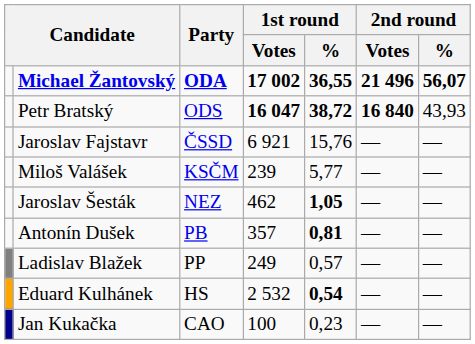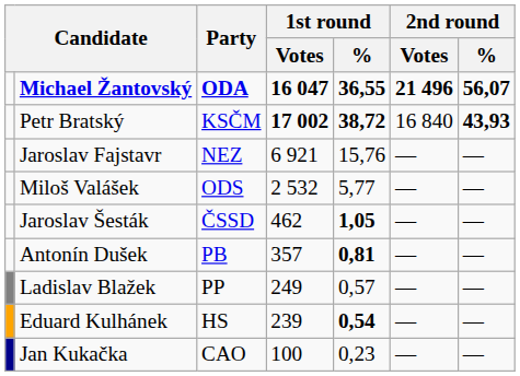 <table class="wikitable sortable">
 <tr>
 <th colspan="2" rowspan="2">Candidate</th>
 <th rowspan="2">Party</th>
 <th colspan="2">1st round</th>
 <th colspan="2">2nd round</th>
 </tr>
 <tr>
 <th>Votes</th>
 <th>%</th>
 <th>Votes</th>
 <th>%</th>
 </tr>
 <tr>
 <td style="background-color:"></td>
 <td><strong><a href='#'>Michael Žantovský</a></strong></td>
 <td><a href='#'><strong>ODA</strong></a></td>
-<td><strong>17 002</strong></td>
+<td><strong>16 047</strong></td>
 <td><strong>36,55</strong></td>
 <td><strong>21 496</strong></td>
 <td><strong>56,07</strong></td>
 </tr>
 <tr>
 <td style="background-color:"></td>
 <td>Petr Bratský</td>
-<td><a href='#'>ODS</a></td>
-<td><strong>16 047</strong></td>
+<td><a href='#'>KSČM</a></td>
+<td><strong>17 002</strong></td>
 <td><strong>38,72</strong></td>
-<td><strong>16 840</strong></td>
-<td>43,93</td>
+<td>16 840</td>
+<td><strong>43,93</strong></td>
 </tr>
 <tr>
 <td style="background-color:"></td>
 <td>Jaroslav Fajstavr</td>
-<td><a href='#'>ČSSD</a></td>
+<td><a href='#'>NEZ</a></td>
 <td>6 921</td>
 <td>15,76</td>
 <td>—</td>
 <td>—</td>
 </tr>
 <tr>
 <td style="background-color:"></td>
 <td>Miloš Valášek</td>
-<td><a href='#'>KSČM</a></td>
-<td>239</td>
+<td><a href='#'>ODS</a></td>
+<td>2 532</td>
 <td>5,77</td>
 <td>—</td>
 <td>—</td>
 </tr>
 <tr>
 <td style="background-color:"></td>
 <td>Jaroslav Šesták</td>
-<td><a href='#'>NEZ</a></td>
+<td><a href='#'>ČSSD</a></td>
 <td>462</td>
 <td><strong>1,05</strong></td>
 <td>—</td>
 <td>—</td>
 </tr>
 <tr>
 <td style="background-color:"></td>
 <td>Antonín Dušek</td>
 <td><a href='#'>PB</a></td>
 <td>357</td>
 <td><strong>0,81</strong></td>
 <td>—</td>
 <td>—</td>
 </tr>
 <tr>
 <td style="background-color:grey;"></td>
 <td>Ladislav Blažek</td>
 <td>PP</td>
 <td>249</td>
 <td>0,57</td>
 <td>—</td>
 <td>—</td>
 </tr>
 <tr>
 <td style="background-color:orange;"></td>
 <td>Eduard Kulhánek</td>
 <td>HS</td>
-<td>2 532</td>
+<td>239</td>
 <td><strong>0,54</strong></td>
 <td>—</td>
 <td>—</td>
 </tr>
 <tr>
 <td style="background-color:darkblue"></td>
 <td>Jan Kukačka</td>
 <td>CAO</td>
 <td>100</td>
 <td>0,23</td>
 <td>—</td>
 <td>—</td>
 </tr>
 </table>
